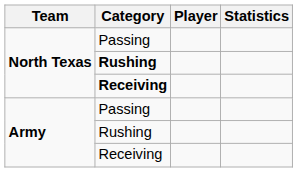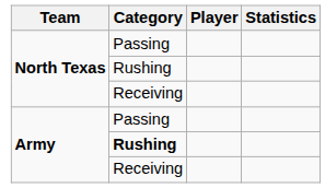 <table class="wikitable" style="float: right;">
 <tr>
 <th>Team</th>
 <th>Category</th>
 <th>Player</th>
 <th>Statistics</th>
 </tr>
 <tr>
 <td rowspan=3><strong>North Texas</strong></td>
 <td>Passing</td>
 <td></td>
 <td></td>
 </tr>
 <tr>
-<td><strong>Rushing</strong></td>
+<td>Rushing</td>
 <td></td>
 <td></td>
 </tr>
 <tr>
-<td><strong>Receiving</strong></td>
+<td>Receiving</td>
 <td></td>
 <td></td>
 </tr>
 <tr>
 <td rowspan=3><strong>Army</strong></td>
 <td>Passing</td>
 <td></td>
 <td></td>
 </tr>
 <tr>
-<td>Rushing</td>
+<td><strong>Rushing</strong></td>
 <td></td>
 <td></td>
 </tr>
 <tr>
 <td>Receiving</td>
 <td></td>
 <td></td>
 </tr>
 </table>
